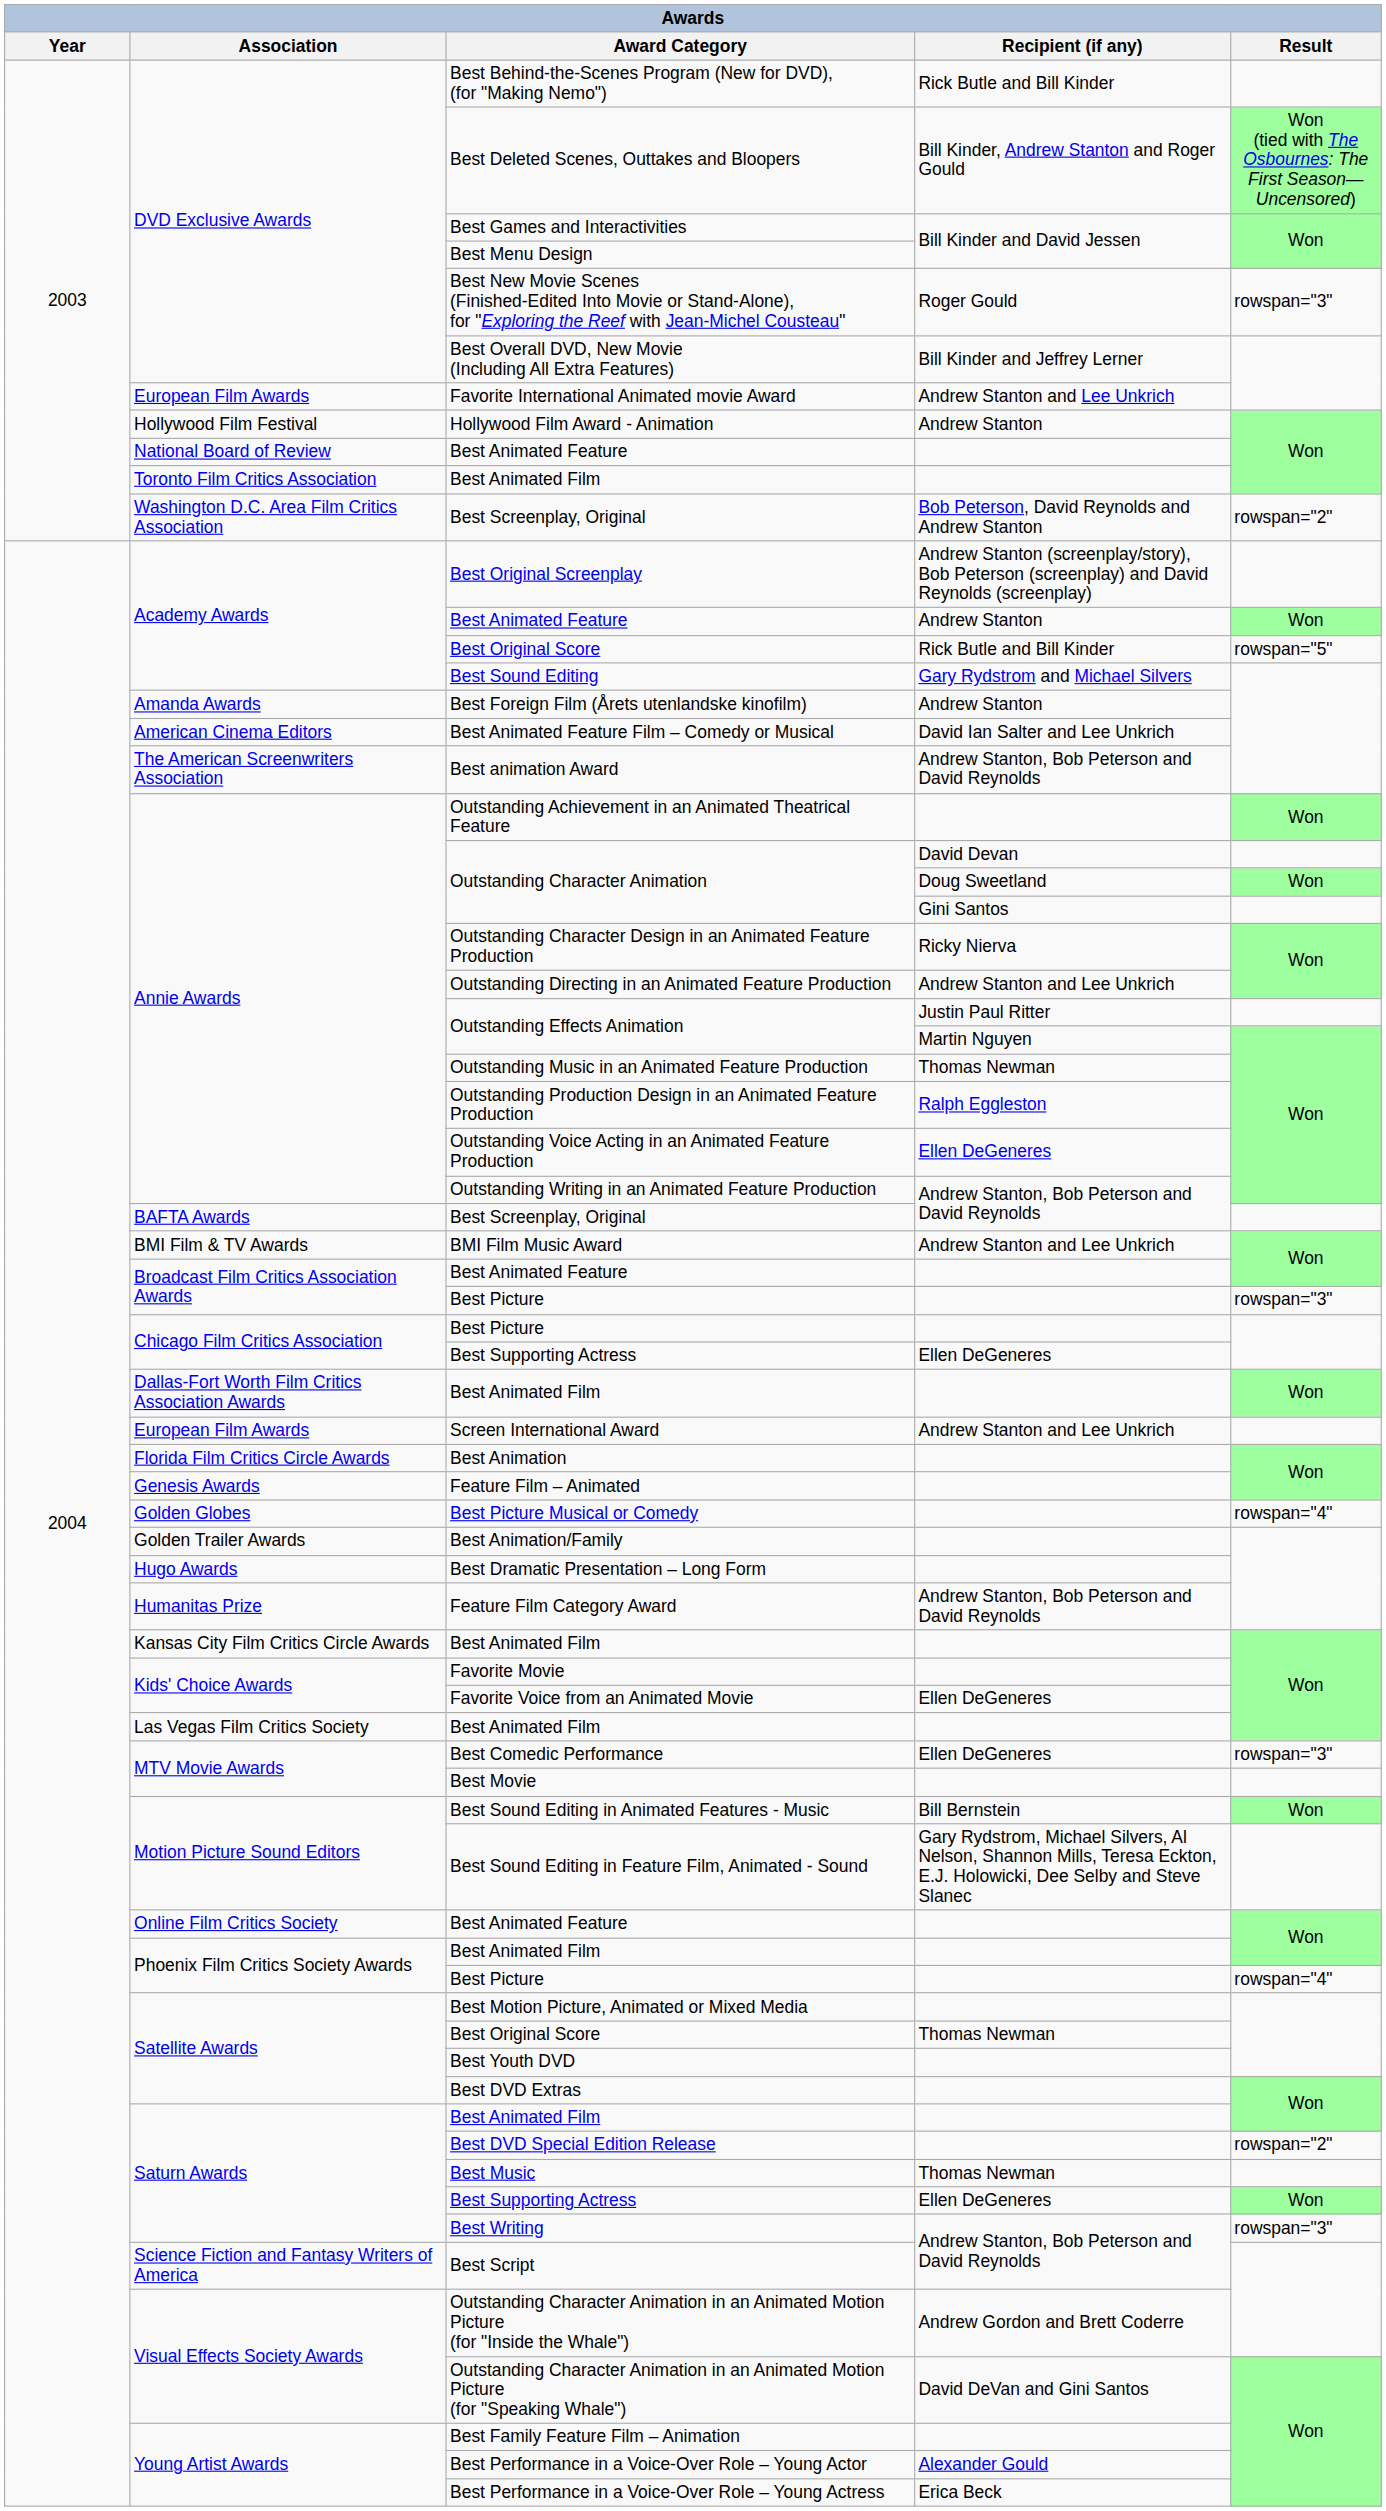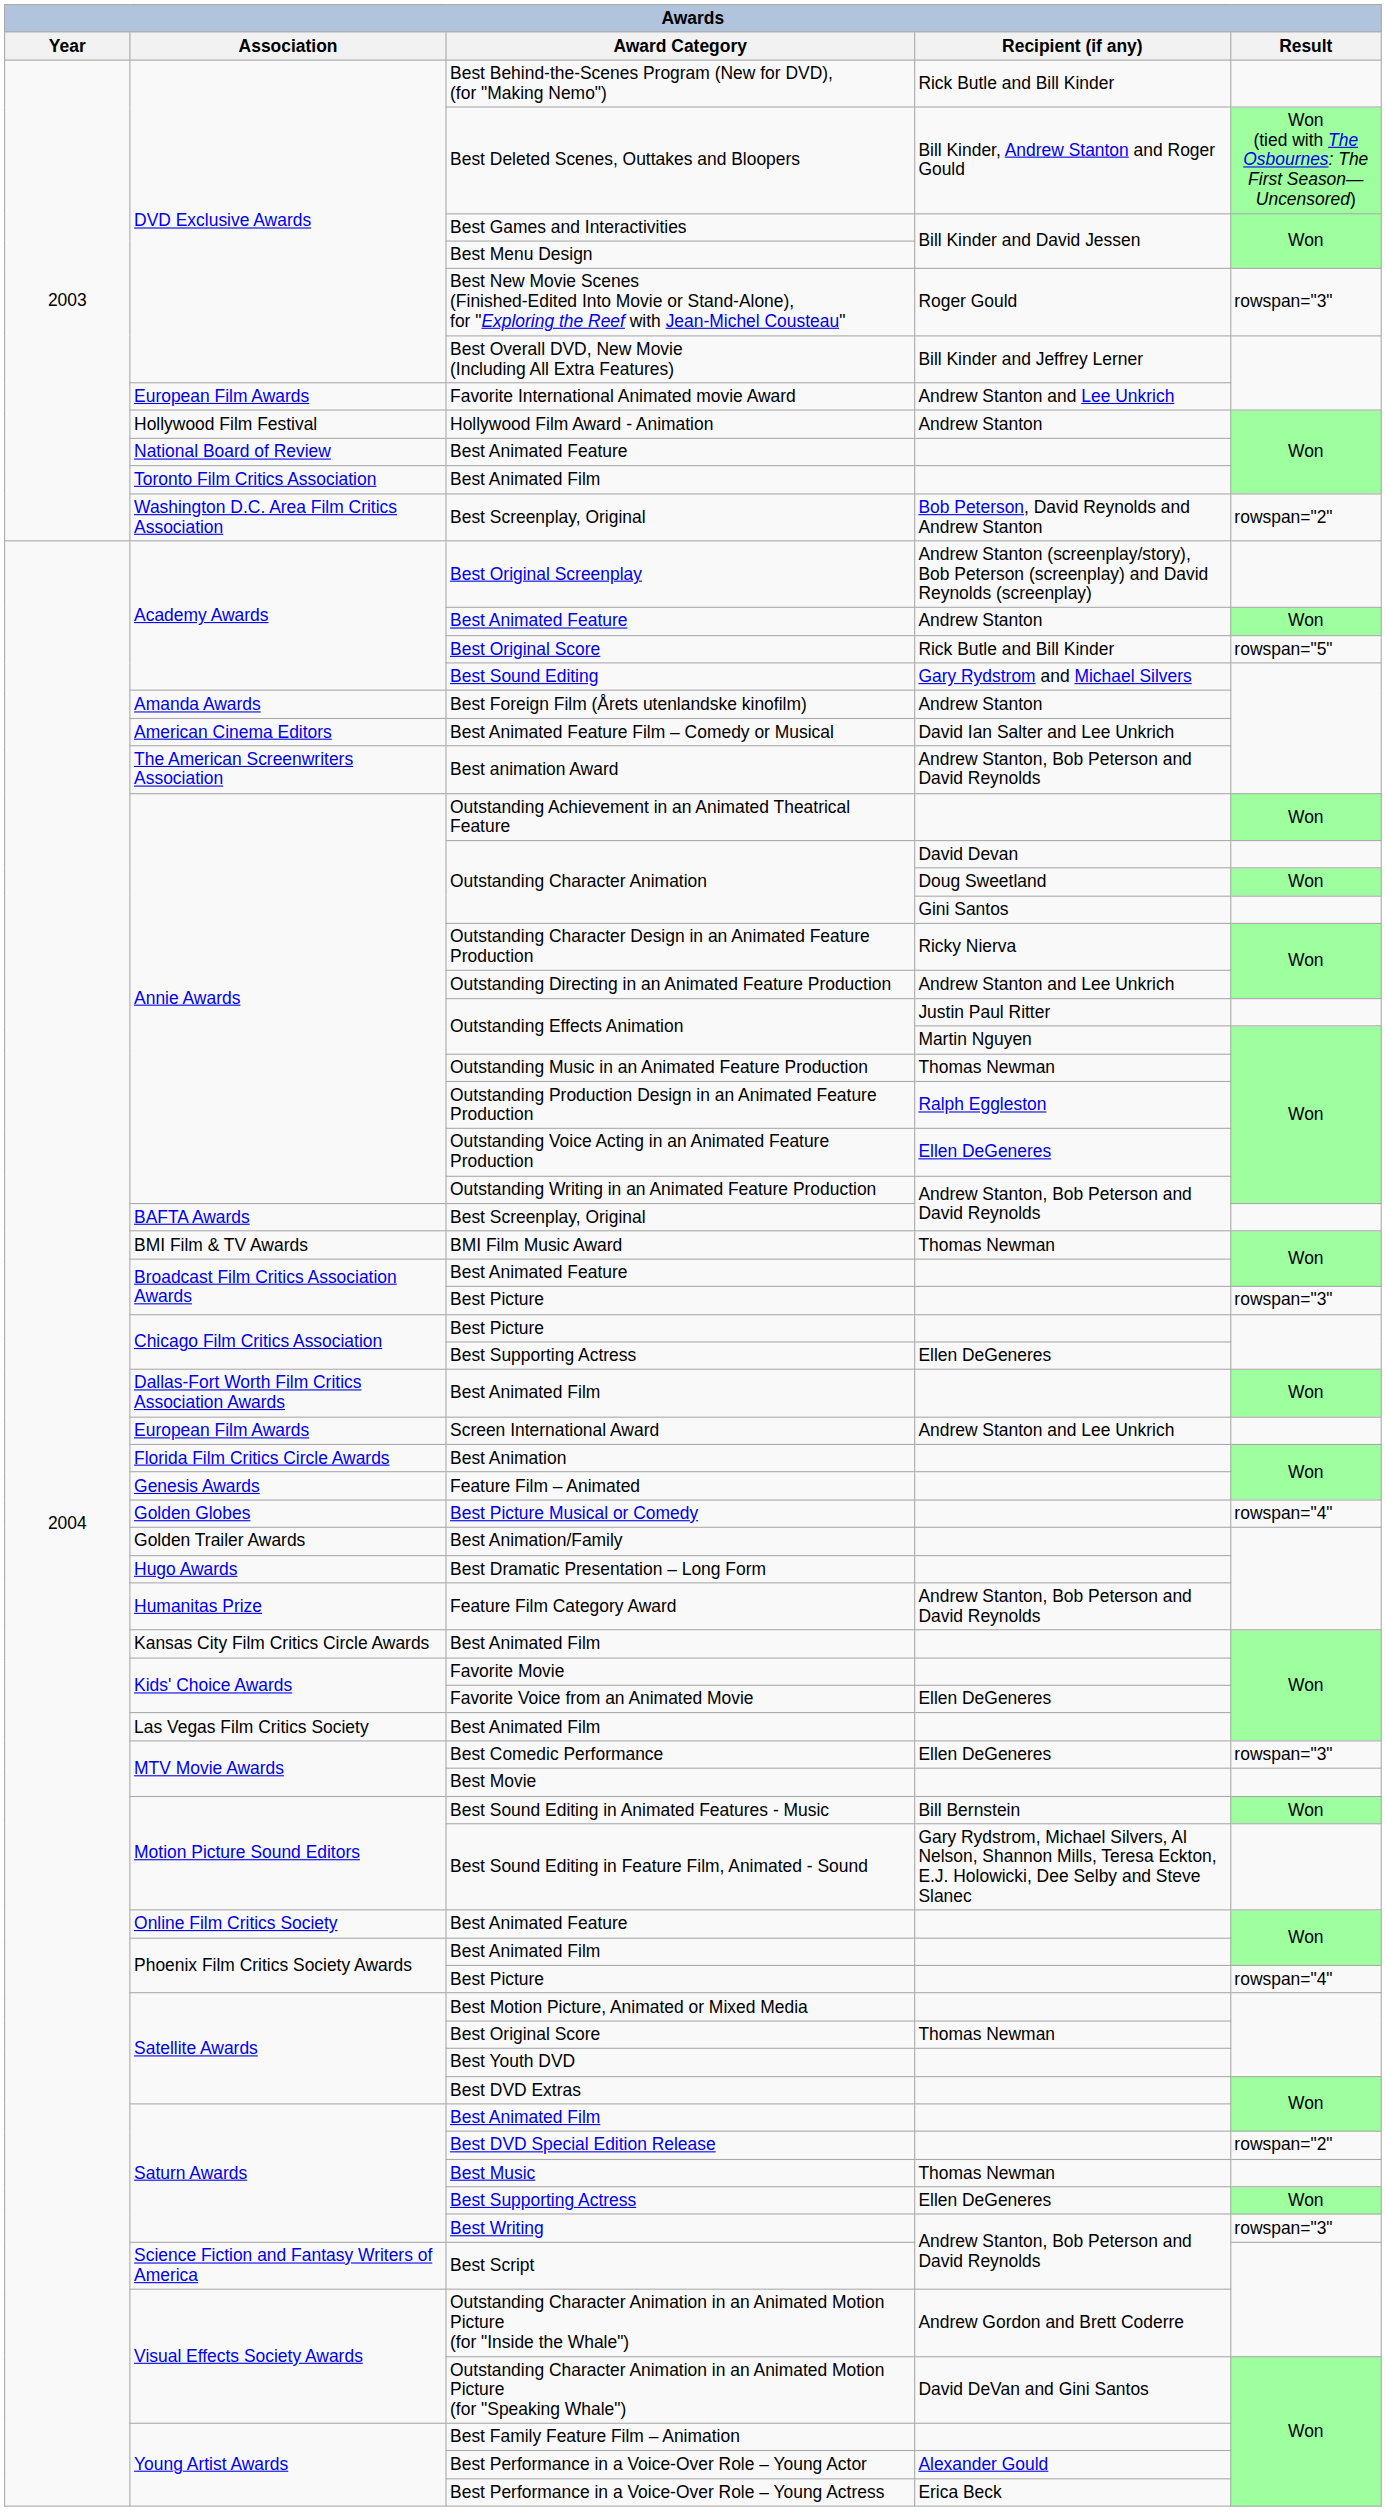 <table class="wikitable sortable" style="width:100%;">
 <tr style="background:#ccc; text-align:center;">
 <th colspan="5" style="background: LightSteelBlue;">Awards</th>
 </tr>
 <tr style="background:#ccc; text-align:center;">
 <th width="75"><strong>Year</strong></th>
 <th width="200"><strong>Association</strong></th>
 <th width="300"><strong>Award Category</strong></th>
 <th width="200"><strong>Recipient (if any)</strong></th>
 <th width="80"><strong>Result</strong></th>
 </tr>
 <tr>
 <td rowspan="11" style="text-align:center;">2003</td>
 <td rowspan="6"><a href='#'>DVD Exclusive Awards</a></td>
 <td>Best Behind-the-Scenes Program (New for DVD),<br>(for "Making Nemo")</td>
 <td>Rick Butle and Bill Kinder</td>
 <td></td>
 </tr>
 <tr>
 <td>Best Deleted Scenes, Outtakes and Bloopers</td>
 <td>Bill Kinder, <a href='#'>Andrew Stanton</a> and Roger Gould</td>
 <td style="background:#9EFF9E;color:#000;vertical-align:middle;text-align:center;" class="yes table-yes2 notheme">Won<br>(tied with <em><a href='#'>The Osbournes</a>: The First Season—Uncensored</em>)</td>
 </tr>
 <tr>
 <td>Best Games and Interactivities</td>
 <td rowspan="2">Bill Kinder and David Jessen</td>
 <td rowspan="2" style="background:#9EFF9E;color:#000;vertical-align:middle;text-align:center;" class="yes table-yes2 notheme">Won</td>
 </tr>
 <tr>
 <td>Best Menu Design</td>
 </tr>
 <tr>
 <td>Best New Movie Scenes<br>(Finished-Edited Into Movie or Stand-Alone),<br>for "<em><a href='#'>Exploring the Reef</a></em> with <a href='#'>Jean-Michel Cousteau</a>"</td>
 <td>Roger Gould</td>
 <td>rowspan="3" </td>
 </tr>
 <tr>
 <td>Best Overall DVD, New Movie<br>(Including All Extra Features)</td>
 <td>Bill Kinder and Jeffrey Lerner</td>
 </tr>
 <tr>
 <td><a href='#'>European Film Awards</a></td>
 <td>Favorite International Animated movie Award</td>
 <td>Andrew Stanton and <a href='#'>Lee Unkrich</a></td>
 </tr>
 <tr>
 <td>Hollywood Film Festival</td>
 <td>Hollywood Film Award - Animation</td>
 <td>Andrew Stanton</td>
 <td rowspan="3" style="background:#9EFF9E;color:#000;vertical-align:middle;text-align:center;" class="yes table-yes2 notheme">Won</td>
 </tr>
 <tr>
 <td><a href='#'>National Board of Review</a></td>
 <td>Best Animated Feature</td>
 <td></td>
 </tr>
 <tr>
 <td><a href='#'>Toronto Film Critics Association</a></td>
 <td>Best Animated Film</td>
 <td></td>
 </tr>
 <tr>
 <td><a href='#'>Washington D.C. Area Film Critics Association</a></td>
 <td>Best Screenplay, Original</td>
 <td><a href='#'>Bob Peterson</a>, David Reynolds and Andrew Stanton</td>
 <td>rowspan="2" </td>
 </tr>
 <tr>
 <td rowspan="59" style="text-align:center;">2004</td>
 <td rowspan="4"><a href='#'>Academy Awards</a></td>
 <td><a href='#'>Best Original Screenplay</a></td>
 <td>Andrew Stanton (screenplay/story), Bob Peterson (screenplay) and David Reynolds (screenplay)</td>
 </tr>
 <tr>
 <td><a href='#'>Best Animated Feature</a></td>
 <td>Andrew Stanton</td>
 <td style="background:#9EFF9E;color:#000;vertical-align:middle;text-align:center;" class="yes table-yes2 notheme">Won</td>
 </tr>
 <tr>
 <td><a href='#'>Best Original Score</a></td>
 <td>Rick Butle and Bill Kinder</td>
 <td>rowspan="5" </td>
 </tr>
 <tr>
 <td><a href='#'>Best Sound Editing</a></td>
 <td><a href='#'>Gary Rydstrom</a> and <a href='#'>Michael Silvers</a></td>
 </tr>
 <tr>
 <td><a href='#'>Amanda Awards</a></td>
 <td>Best Foreign Film (Årets utenlandske kinofilm)</td>
 <td>Andrew Stanton</td>
 </tr>
 <tr best animated movie Andrew stanton>
 <td><a href='#'>American Cinema Editors</a></td>
 <td>Best Animated Feature Film – Comedy or Musical</td>
 <td>David Ian Salter and Lee Unkrich</td>
 </tr>
 <tr>
 <td><a href='#'>The American Screenwriters Association</a></td>
 <td>Best animation Award</td>
 <td>Andrew Stanton, Bob Peterson and David Reynolds</td>
 </tr>
 <tr>
 <td rowspan="12"><a href='#'>Annie Awards</a></td>
 <td>Outstanding Achievement in an Animated Theatrical Feature</td>
 <td></td>
 <td style="background:#9EFF9E;color:#000;vertical-align:middle;text-align:center;" class="yes table-yes2 notheme">Won</td>
 </tr>
 <tr>
 <td rowspan="3">Outstanding Character Animation</td>
 <td>David Devan</td>
 <td></td>
 </tr>
 <tr>
 <td>Doug Sweetland</td>
 <td style="background:#9EFF9E;color:#000;vertical-align:middle;text-align:center;" class="yes table-yes2 notheme">Won</td>
 </tr>
 <tr>
 <td>Gini Santos</td>
 <td></td>
 </tr>
 <tr>
 <td>Outstanding Character Design in an Animated Feature Production</td>
 <td>Ricky Nierva</td>
 <td rowspan="2" style="background:#9EFF9E;color:#000;vertical-align:middle;text-align:center;" class="yes table-yes2 notheme">Won</td>
 </tr>
 <tr>
 <td>Outstanding Directing in an Animated Feature Production</td>
 <td>Andrew Stanton and Lee Unkrich</td>
 </tr>
 <tr>
 <td rowspan="2">Outstanding Effects Animation</td>
 <td>Justin Paul Ritter</td>
 <td></td>
 </tr>
 <tr>
 <td>Martin Nguyen</td>
 <td rowspan="5" style="background:#9EFF9E;color:#000;vertical-align:middle;text-align:center;" class="yes table-yes2 notheme">Won</td>
 </tr>
 <tr>
 <td>Outstanding Music in an Animated Feature Production</td>
 <td>Thomas Newman</td>
 </tr>
 <tr>
 <td>Outstanding Production Design in an Animated Feature Production</td>
 <td><a href='#'>Ralph Eggleston</a></td>
 </tr>
 <tr>
 <td>Outstanding Voice Acting in an Animated Feature Production</td>
 <td><a href='#'>Ellen DeGeneres</a></td>
 </tr>
 <tr>
 <td>Outstanding Writing in an Animated Feature Production</td>
 <td rowspan="2">Andrew Stanton, Bob Peterson and David Reynolds</td>
 </tr>
 <tr>
 <td><a href='#'>BAFTA Awards</a></td>
 <td>Best Screenplay, Original</td>
 <td></td>
 </tr>
 <tr>
 <td>BMI Film & TV Awards</td>
 <td>BMI Film Music Award</td>
-<td>Andrew Stanton and Lee Unkrich</td>
+<td>Thomas Newman</td>
 <td rowspan="2" style="background:#9EFF9E;color:#000;vertical-align:middle;text-align:center;" class="yes table-yes2 notheme">Won</td>
 </tr>
 <tr>
 <td rowspan="2"><a href='#'>Broadcast Film Critics Association Awards</a></td>
 <td>Best Animated Feature</td>
 <td></td>
 </tr>
 <tr>
 <td>Best Picture</td>
 <td></td>
 <td>rowspan="3" </td>
 </tr>
 <tr>
 <td rowspan="2"><a href='#'>Chicago Film Critics Association</a></td>
 <td>Best Picture</td>
 <td></td>
 </tr>
 <tr>
 <td>Best Supporting Actress</td>
 <td>Ellen DeGeneres</td>
 </tr>
 <tr>
 <td><a href='#'>Dallas-Fort Worth Film Critics Association Awards</a></td>
 <td>Best Animated Film</td>
 <td></td>
 <td style="background:#9EFF9E;color:#000;vertical-align:middle;text-align:center;" class="yes table-yes2 notheme">Won</td>
 </tr>
 <tr>
 <td><a href='#'>European Film Awards</a></td>
 <td>Screen International Award</td>
 <td>Andrew Stanton and Lee Unkrich</td>
 <td></td>
 </tr>
 <tr>
 <td><a href='#'>Florida Film Critics Circle Awards</a></td>
 <td>Best Animation</td>
 <td></td>
 <td rowspan="2" style="background:#9EFF9E;color:#000;vertical-align:middle;text-align:center;" class="yes table-yes2 notheme">Won</td>
 </tr>
 <tr>
 <td><a href='#'>Genesis Awards</a></td>
 <td>Feature Film – Animated</td>
 <td></td>
 </tr>
 <tr>
 <td><a href='#'>Golden Globes</a></td>
 <td><a href='#'>Best Picture Musical or Comedy</a></td>
 <td></td>
 <td>rowspan="4" </td>
 </tr>
 <tr>
 <td>Golden Trailer Awards</td>
 <td>Best Animation/Family</td>
 <td></td>
 </tr>
 <tr>
 <td><a href='#'>Hugo Awards</a></td>
 <td>Best Dramatic Presentation – Long Form</td>
 <td></td>
 </tr>
 <tr>
 <td><a href='#'>Humanitas Prize</a></td>
 <td>Feature Film Category Award</td>
 <td>Andrew Stanton, Bob Peterson and David Reynolds</td>
 </tr>
 <tr>
 <td>Kansas City Film Critics Circle Awards</td>
 <td>Best Animated Film</td>
 <td></td>
 <td rowspan="4" style="background:#9EFF9E;color:#000;vertical-align:middle;text-align:center;" class="yes table-yes2 notheme">Won</td>
 </tr>
 <tr>
 <td rowspan="2"><a href='#'>Kids' Choice Awards</a></td>
 <td>Favorite Movie</td>
 <td></td>
 </tr>
 <tr>
 <td>Favorite Voice from an Animated Movie</td>
 <td>Ellen DeGeneres</td>
 </tr>
 <tr>
 <td>Las Vegas Film Critics Society</td>
 <td>Best Animated Film</td>
 <td></td>
 </tr>
 <tr>
 <td rowspan="2"><a href='#'>MTV Movie Awards</a></td>
 <td>Best Comedic Performance</td>
 <td>Ellen DeGeneres</td>
 <td>rowspan="3" </td>
 </tr>
 <tr>
 <td>Best Movie</td>
 <td></td>
 </tr>
 <tr>
 <td rowspan="2"><a href='#'>Motion Picture Sound Editors</a></td>
 <td>Best Sound Editing in Animated Features - Music</td>
 <td>Bill Bernstein</td>
 <td style="background:#9EFF9E;color:#000;vertical-align:middle;text-align:center;" class="yes table-yes2 notheme">Won</td>
 </tr>
 <tr>
 <td>Best Sound Editing in Feature Film, Animated - Sound</td>
 <td>Gary Rydstrom, Michael Silvers, Al Nelson, Shannon Mills, Teresa Eckton, E.J. Holowicki, Dee Selby and Steve Slanec</td>
 <td></td>
 </tr>
 <tr>
 <td><a href='#'>Online Film Critics Society</a></td>
 <td>Best Animated Feature</td>
 <td></td>
 <td rowspan="2" style="background:#9EFF9E;color:#000;vertical-align:middle;text-align:center;" class="yes table-yes2 notheme">Won</td>
 </tr>
 <tr>
 <td rowspan="2">Phoenix Film Critics Society Awards</td>
 <td>Best Animated Film</td>
 <td></td>
 </tr>
 <tr>
 <td>Best Picture</td>
 <td></td>
 <td>rowspan="4" </td>
 </tr>
 <tr>
 <td rowspan="4"><a href='#'>Satellite Awards</a></td>
 <td>Best Motion Picture, Animated or Mixed Media</td>
 <td></td>
 </tr>
 <tr>
 <td>Best Original Score</td>
 <td>Thomas Newman</td>
 </tr>
 <tr>
 <td>Best Youth DVD</td>
 <td></td>
 </tr>
 <tr>
 <td>Best DVD Extras</td>
 <td></td>
 <td rowspan="2" style="background:#9EFF9E;color:#000;vertical-align:middle;text-align:center;" class="yes table-yes2 notheme">Won</td>
 </tr>
 <tr>
 <td rowspan="5"><a href='#'>Saturn Awards</a></td>
 <td><a href='#'>Best Animated Film</a></td>
 <td></td>
 </tr>
 <tr>
 <td><a href='#'>Best DVD Special Edition Release</a></td>
 <td></td>
 <td>rowspan="2" </td>
 </tr>
 <tr>
 <td><a href='#'>Best Music</a></td>
 <td>Thomas Newman</td>
 </tr>
 <tr>
 <td><a href='#'>Best Supporting Actress</a></td>
 <td>Ellen DeGeneres</td>
 <td style="background:#9EFF9E;color:#000;vertical-align:middle;text-align:center;" class="yes table-yes2 notheme">Won</td>
 </tr>
 <tr>
 <td><a href='#'>Best Writing</a></td>
 <td rowspan="2">Andrew Stanton, Bob Peterson and David Reynolds</td>
 <td>rowspan="3" </td>
 </tr>
 <tr>
 <td><a href='#'>Science Fiction and Fantasy Writers of America</a></td>
 <td>Best Script</td>
 </tr>
 <tr>
 <td rowspan="2"><a href='#'>Visual Effects Society Awards</a></td>
 <td>Outstanding Character Animation in an Animated Motion Picture<br>(for "Inside the Whale")</td>
 <td>Andrew Gordon and Brett Coderre</td>
 </tr>
 <tr>
 <td>Outstanding Character Animation in an Animated Motion Picture<br>(for "Speaking Whale")</td>
 <td>David DeVan and Gini Santos</td>
 <td rowspan="4" style="background:#9EFF9E;color:#000;vertical-align:middle;text-align:center;" class="yes table-yes2 notheme">Won</td>
 </tr>
 <tr>
 <td rowspan="3"><a href='#'>Young Artist Awards</a></td>
 <td>Best Family Feature Film – Animation</td>
 <td></td>
 </tr>
 <tr>
 <td>Best Performance in a Voice-Over Role – Young Actor</td>
 <td><a href='#'>Alexander Gould</a></td>
 </tr>
 <tr>
 <td>Best Performance in a Voice-Over Role – Young Actress</td>
 <td>Erica Beck</td>
 </tr>
 </table>
